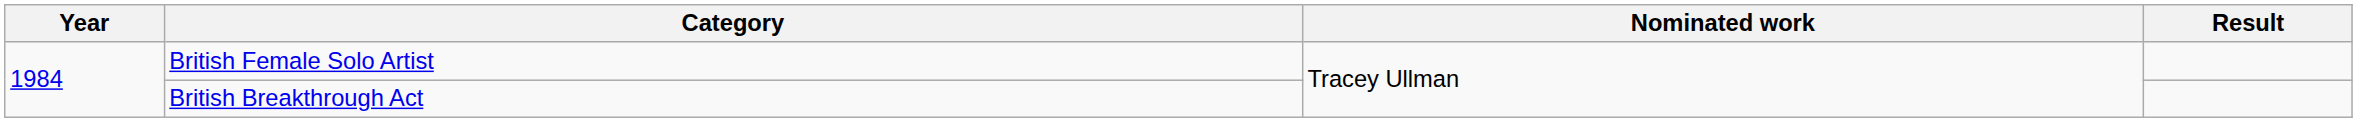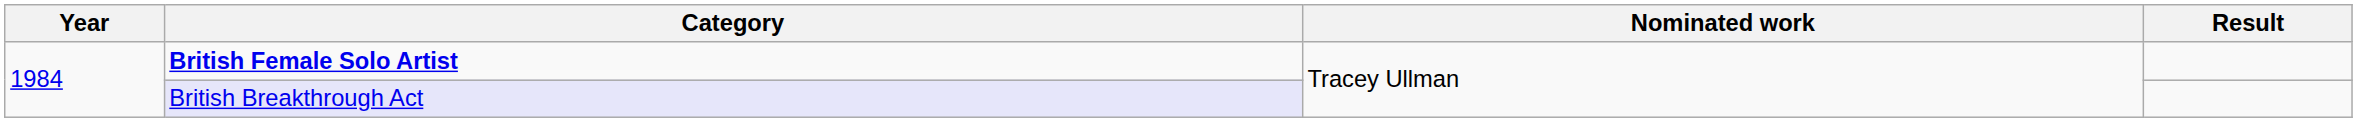 <table width="80%" class="wikitable">
 <tr>
 <th width="10">Year</th>
 <th width="300">Category</th>
 <th width="220">Nominated work</th>
 <th width="30">Result</th>
 </tr>
 <tr>
 <td rowspan="2"><a href='#'>1984</a></td>
-<td><a href='#'>British Female Solo Artist</a></td>
+<td><strong><a href='#'>British Female Solo Artist</a></strong></td>
 <td rowspan="2">Tracey Ullman</td>
 <td></td>
 </tr>
 <tr>
-<td><a href='#'>British Breakthrough Act</a></td>
+<td style="background: lavender;"><a href='#'>British Breakthrough Act</a></td>
 <td></td>
 </tr>
 </table>
